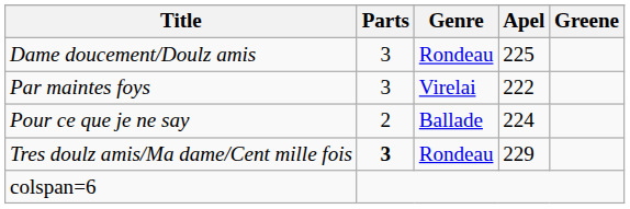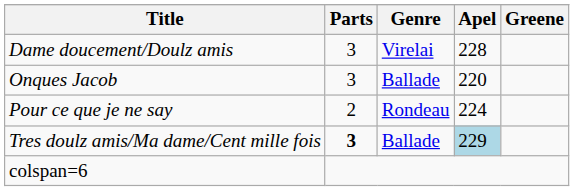 <table class = "wikitable sortable plainrowheaders">
 <tr>
 </tr>
 <tr>
 <th scope="col">Title</th>
 <th scope="col">Parts</th>
 <th scope="col">Genre</th>
 <th scope="col">Apel</th>
 <th scope="col">Greene</th>
 </tr>
 <tr>
 <td><em>Dame doucement/Doulz amis</em></td>
 <td style="text-align: center;">3</td>
-<td><a href='#'>Rondeau</a></td>
-<td> 225</td>
+<td><a href='#'>Virelai</a></td>
+<td> 228</td>
 <td> </td>
 </tr>
 <tr>
-<td><em>Par maintes foys</em></td>
+<td><em>Onques Jacob</em></td>
 <td style="text-align: center;">3</td>
-<td><a href='#'>Virelai</a></td>
-<td> 222</td>
+<td><a href='#'>Ballade</a></td>
+<td> 220</td>
 <td> </td>
 </tr>
 <tr>
 <td><em>Pour ce que je ne say</em></td>
 <td style="text-align: center;">2</td>
-<td><a href='#'>Ballade</a></td>
+<td><a href='#'>Rondeau</a></td>
 <td> 224</td>
 <td> </td>
 </tr>
 <tr>
 <td><em>Tres doulz amis/Ma dame/Cent mille fois</em></td>
 <td style="text-align: center;"><strong>3</strong></td>
-<td><a href='#'>Rondeau</a></td>
-<td> 229</td>
+<td><a href='#'>Ballade</a></td>
+<td style="background: lightblue;"> 229</td>
 <td> </td>
 </tr>
 <tr>
 <td>colspan=6 </td>
 </tr>
 </table>
